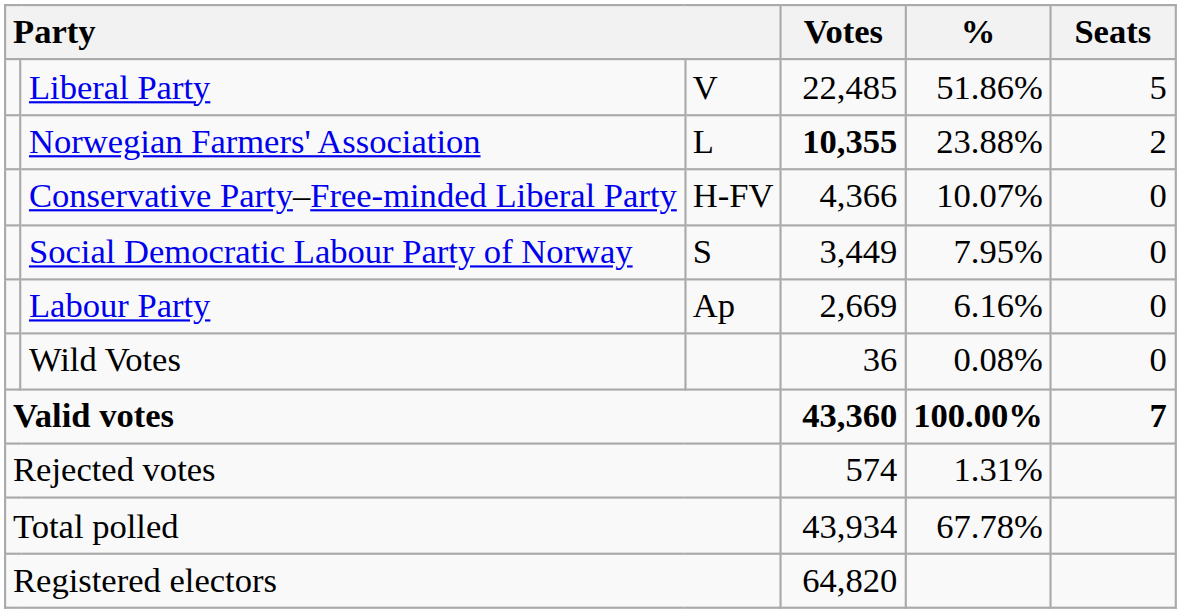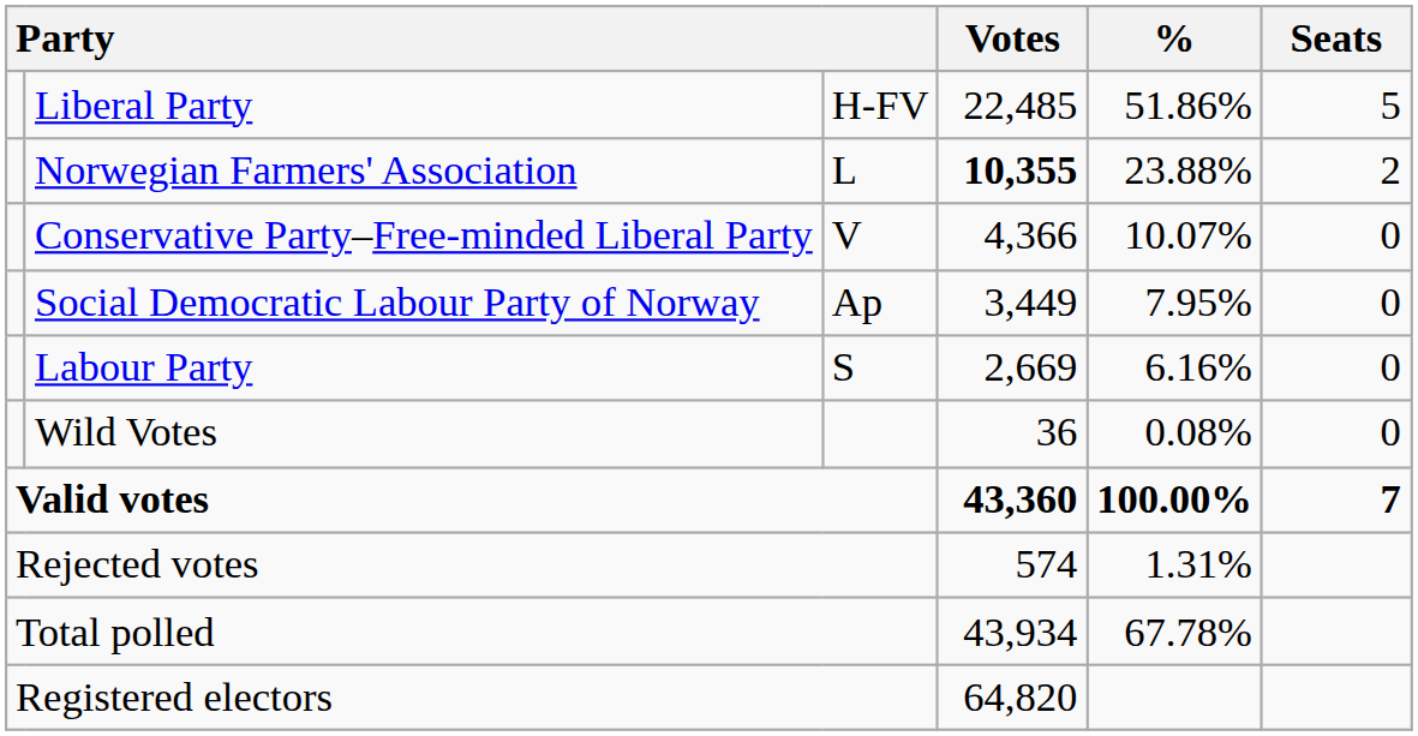 <table class="wikitable" border="1" style="text-align:right;">
 <tr>
 <th style="text-align:left;" colspan=3>Party</th>
 <th align=center width="50">Votes</th>
 <th align=center width="50">%</th>
 <th align=center width="50">Seats</th>
 </tr>
 <tr>
 <td style="color:inherit;background:"></td>
 <td align=left><a href='#'>Liberal Party</a></td>
-<td align=left>V</td>
+<td align=left>H-FV</td>
 <td>22,485</td>
 <td>51.86%</td>
 <td>5</td>
 </tr>
 <tr>
 <td style="color:inherit;background:"></td>
 <td align=left><a href='#'>Norwegian Farmers' Association</a></td>
 <td align=left>L</td>
 <td><strong>10,355</strong></td>
 <td>23.88%</td>
 <td>2</td>
 </tr>
 <tr>
 <td></td>
 <td align=left><a href='#'>Conservative Party</a>–<a href='#'>Free-minded Liberal Party</a></td>
-<td align=left>H-FV</td>
+<td align=left>V</td>
 <td>4,366</td>
 <td>10.07%</td>
 <td>0</td>
 </tr>
 <tr>
 <td style="color:inherit;background:"></td>
 <td align=left><a href='#'>Social Democratic Labour Party of Norway</a></td>
-<td align=left>S</td>
+<td align=left>Ap</td>
 <td>3,449</td>
 <td>7.95%</td>
 <td>0</td>
 </tr>
 <tr>
 <td style="color:inherit;background:"></td>
 <td align=left><a href='#'>Labour Party</a></td>
-<td align=left>Ap</td>
+<td align=left>S</td>
 <td>2,669</td>
 <td>6.16%</td>
 <td>0</td>
 </tr>
 <tr>
 <td></td>
 <td align=left>Wild Votes</td>
 <td align=left></td>
 <td>36</td>
 <td>0.08%</td>
 <td>0</td>
 </tr>
 <tr style="font-weight:bold">
 <td align=left colspan=3>Valid votes</td>
 <td>43,360</td>
 <td>100.00%</td>
 <td>7</td>
 </tr>
 <tr>
 <td align=left colspan=3>Rejected votes</td>
 <td>574</td>
 <td>1.31%</td>
 <td></td>
 </tr>
 <tr>
 <td align=left colspan=3>Total polled</td>
 <td>43,934</td>
 <td>67.78%</td>
 <td></td>
 </tr>
 <tr>
 <td align=left colspan=3>Registered electors</td>
 <td>64,820</td>
 <td></td>
 <td></td>
 </tr>
 </table>
